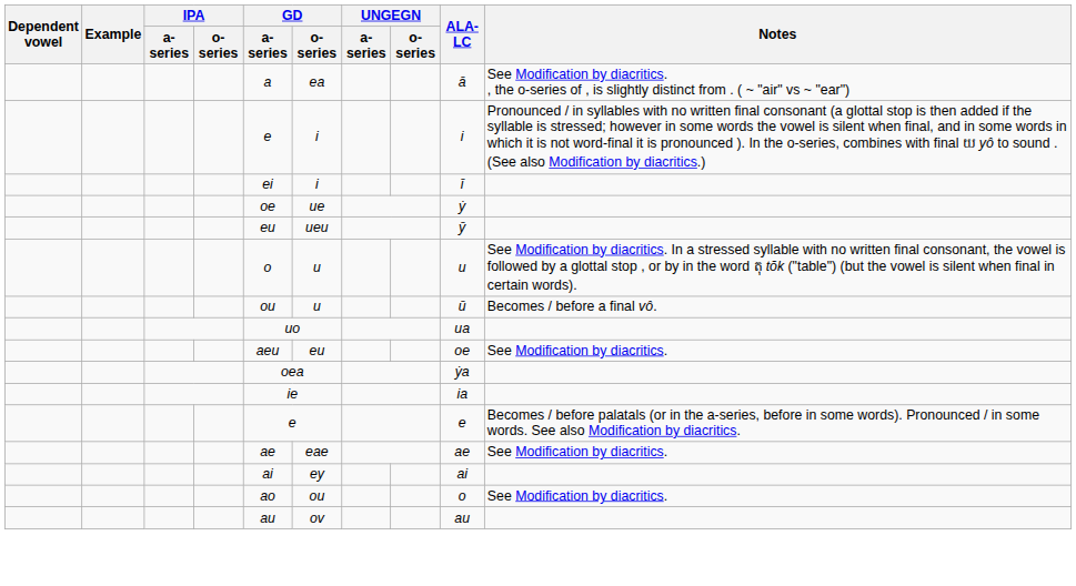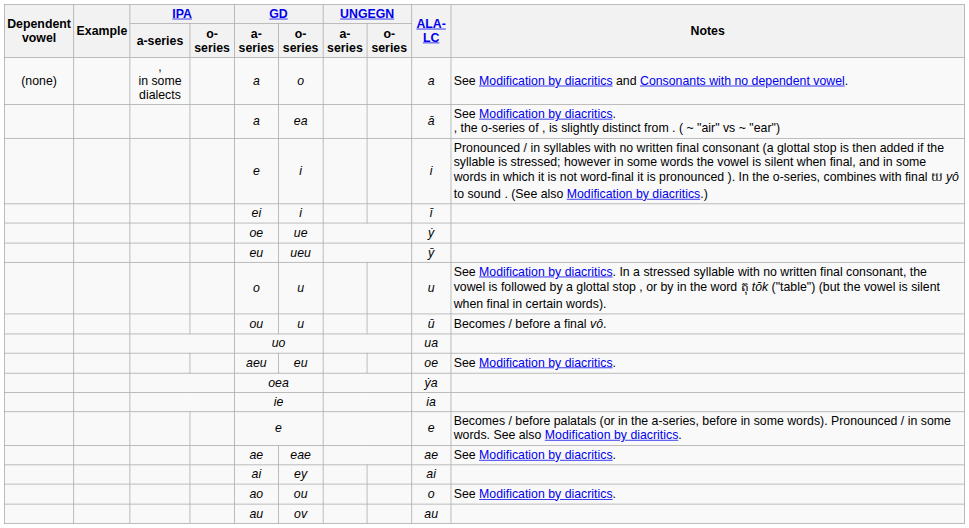 <table class="wikitable" style="text-align: center">
 <tr>
 <th rowspan="2">Dependent<br>vowel</th>
 <th rowspan="2">Example</th>
 <th colspan="2"><a href='#'>IPA</a></th>
 <th colspan="2"><a href='#'>GD</a></th>
 <th colspan="2"><a href='#'>UNGEGN</a></th>
 <th rowspan="2"><a href='#'>ALA-LC</a></th>
 <th rowspan="2">Notes</th>
 </tr>
 <tr>
 <th>a-series</th>
 <th>o-series</th>
 <th>a-series</th>
 <th>o-series</th>
 <th>a-series</th>
 <th>o-series</th>
+</tr>
+<tr>
+<td>(none)</td>
+<td><big></big></td>
+<td>,<br> in some dialects</td>
+<td></td>
+<td><em>a</em></td>
+<td><em>o</em></td>
+<td><em></em></td>
+<td><em></em></td>
+<td><em>a</em></td>
+<td style="text-align:left;">See <a href='#'>Modification by diacritics</a> and <a href='#'>Consonants with no dependent vowel</a>.</td>
 </tr>
 <tr>
 <td><big></big></td>
 <td><big></big></td>
 <td></td>
 <td></td>
 <td><em>a</em></td>
 <td><em>ea</em></td>
 <td><em></em></td>
 <td><em></em></td>
 <td><em>ā</em></td>
 <td style="text-align:left;">See <a href='#'>Modification by diacritics</a>.<br>, the o-series of , is slightly distinct from . ( ~ "air" vs  ~ "ear")</td>
 </tr>
 <tr>
 <td><big></big></td>
 <td><big></big></td>
 <td></td>
 <td></td>
 <td><em>e</em></td>
 <td><em>i</em></td>
 <td><em></em></td>
 <td><em></em></td>
 <td><em>i</em></td>
 <td style="text-align:left;">Pronounced / in syllables with no written final consonant (a glottal stop is then added if the syllable is stressed; however in some words the vowel is silent when final, and in some words in which it is not word-final it is pronounced ). In the o-series, combines with final យ <em>yô</em> to sound . (See also <a href='#'>Modification by diacritics</a>.)</td>
 </tr>
 <tr>
 <td><big></big></td>
 <td><big></big></td>
 <td></td>
 <td></td>
 <td><em>ei</em></td>
 <td><em>i</em></td>
 <td><em></em></td>
 <td><em></em></td>
 <td><em>ī</em></td>
 <td></td>
 </tr>
 <tr>
 <td><big></big></td>
 <td><big></big></td>
 <td></td>
 <td></td>
 <td><em>oe</em></td>
 <td><em>ue</em></td>
 <td colspan="2"><em></em></td>
 <td><em>ẏ</em></td>
 <td></td>
 </tr>
 <tr>
 <td><big></big></td>
 <td><big></big></td>
 <td></td>
 <td></td>
 <td><em>eu</em></td>
 <td><em>ueu</em></td>
 <td colspan="2"><em></em></td>
 <td><em>ȳ</em></td>
 <td></td>
 </tr>
 <tr>
 <td><big></big></td>
 <td><big></big></td>
 <td></td>
 <td></td>
 <td><em>o</em></td>
 <td><em>u</em></td>
 <td><em></em></td>
 <td><em></em></td>
 <td><em>u</em></td>
 <td style="text-align:left;">See <a href='#'>Modification by diacritics</a>. In a stressed syllable with no written final consonant, the vowel is followed by a glottal stop , or by  in the word តុ <em>tŏk</em> ("table") (but the vowel is silent when final in certain words).</td>
 </tr>
 <tr>
 <td><big></big></td>
 <td><big></big></td>
 <td></td>
 <td></td>
 <td><em>ou</em></td>
 <td><em>u</em></td>
 <td><em></em></td>
 <td><em></em></td>
 <td><em>ū</em></td>
 <td style="text-align:left;">Becomes / before a final  <em>vô</em>.</td>
 </tr>
 <tr>
 <td><big></big></td>
 <td><big></big></td>
 <td colspan="2"></td>
 <td colspan="2"><em>uo</em></td>
 <td colspan="2"><em></em></td>
 <td><em>ua</em></td>
 <td></td>
 </tr>
 <tr>
 <td><big></big></td>
 <td><big></big></td>
 <td></td>
 <td></td>
 <td><em>aeu</em></td>
 <td><em>eu</em></td>
 <td><em></em></td>
 <td><em></em></td>
 <td><em>oe</em></td>
 <td style="text-align:left;">See <a href='#'>Modification by diacritics</a>.</td>
 </tr>
 <tr>
 <td><big></big></td>
 <td><big></big></td>
 <td colspan="2"></td>
 <td colspan="2"><em>oea</em></td>
 <td colspan="2"><em></em></td>
 <td><em>ẏa</em></td>
 <td></td>
 </tr>
 <tr>
 <td><big></big></td>
 <td><big></big></td>
 <td colspan="2"></td>
 <td colspan="2"><em>ie</em></td>
 <td colspan="2"><em></em></td>
 <td><em>ia</em></td>
 <td></td>
 </tr>
 <tr>
 <td><big></big></td>
 <td><big></big></td>
 <td></td>
 <td></td>
 <td colspan="2"><em>e</em></td>
 <td colspan="2"><em></em></td>
 <td><em>e</em></td>
 <td style="text-align:left;">Becomes / before palatals (or in the a-series,  before  in some words). Pronounced / in some words. See also <a href='#'>Modification by diacritics</a>.</td>
 </tr>
 <tr>
 <td><big></big></td>
 <td><big></big></td>
 <td></td>
 <td></td>
 <td><em>ae</em></td>
 <td><em>eae</em></td>
 <td colspan="2"><em></em></td>
 <td><em>ae</em></td>
 <td style="text-align:left;">See <a href='#'>Modification by diacritics</a>.</td>
 </tr>
 <tr>
 <td><big></big></td>
 <td><big></big></td>
 <td></td>
 <td></td>
 <td><em>ai</em></td>
 <td><em>ey</em></td>
 <td><em></em></td>
 <td><em></em></td>
 <td><em>ai</em></td>
 <td></td>
 </tr>
 <tr>
 <td><big></big></td>
 <td><big></big></td>
 <td></td>
 <td></td>
 <td><em>ao</em></td>
 <td><em>ou</em></td>
 <td><em></em></td>
 <td><em></em></td>
 <td><em>o</em></td>
 <td style="text-align:left;">See <a href='#'>Modification by diacritics</a>.</td>
 </tr>
 <tr>
 <td><big></big></td>
 <td><big></big></td>
 <td></td>
 <td></td>
 <td><em>au</em></td>
 <td><em>ov</em></td>
 <td><em></em></td>
 <td><em></em></td>
 <td><em>au</em></td>
 <td></td>
 </tr>
 </table>
